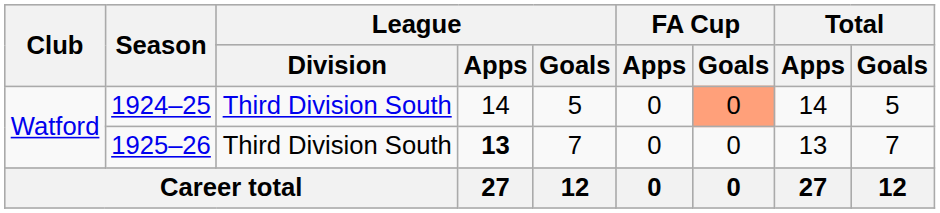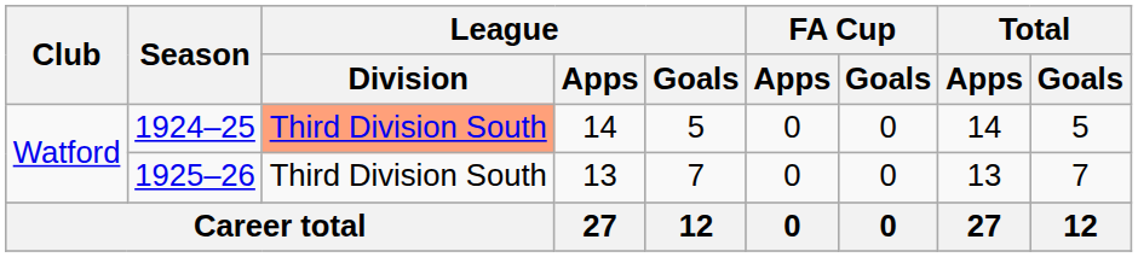 <table class="wikitable" style="text-align: center">
 <tr>
 <th rowspan="2">Club</th>
 <th rowspan="2">Season</th>
 <th colspan="3">League</th>
 <th colspan="2">FA Cup</th>
 <th colspan="2">Total</th>
 </tr>
 <tr>
 <th>Division</th>
 <th>Apps</th>
 <th>Goals</th>
 <th>Apps</th>
 <th>Goals</th>
 <th>Apps</th>
 <th>Goals</th>
 </tr>
 <tr>
 <td rowspan="2"><a href='#'>Watford</a></td>
 <td><a href='#'>1924–25</a></td>
-<td><a href='#'>Third Division South</a></td>
+<td style="background: lightsalmon;"><a href='#'>Third Division South</a></td>
 <td>14</td>
 <td>5</td>
 <td>0</td>
-<td style="background: lightsalmon;">0</td>
+<td>0</td>
 <td>14</td>
 <td>5</td>
 </tr>
 <tr>
 <td><a href='#'>1925–26</a></td>
 <td>Third Division South</td>
-<td><strong>13</strong></td>
+<td>13</td>
 <td>7</td>
 <td>0</td>
 <td>0</td>
 <td>13</td>
 <td>7</td>
 </tr>
 <tr>
 <th colspan="3">Career total</th>
 <th>27</th>
 <th>12</th>
 <th>0</th>
 <th>0</th>
 <th>27</th>
 <th>12</th>
 </tr>
 </table>
